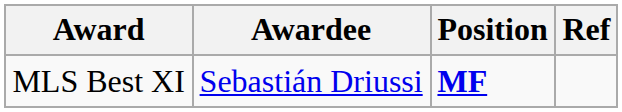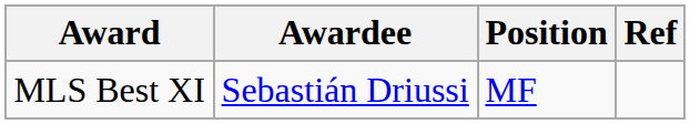 <table class="wikitable">
 <tr style="background:#cccccc;">
 <th>Award</th>
 <th>Awardee</th>
 <th>Position</th>
 <th>Ref</th>
 </tr>
 <tr>
 </tr>
 <tr>
 <td>MLS Best XI</td>
 <td> <a href='#'>Sebastián Driussi</a></td>
-<td><strong><a href='#'>MF</a></strong></td>
+<td><a href='#'>MF</a></td>
 <td style="text-align: center;"></td>
 </tr>
 <tr>
 </tr>
 </table>
